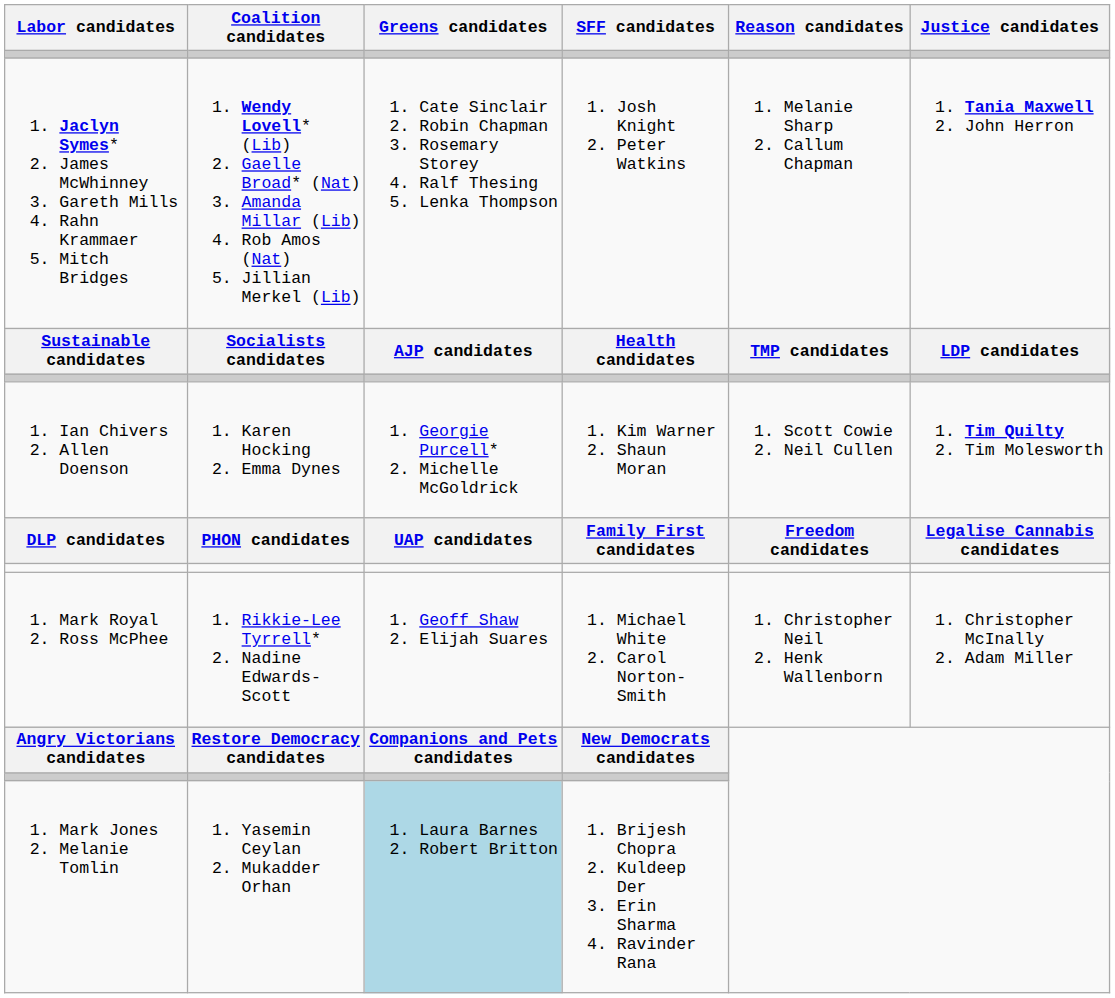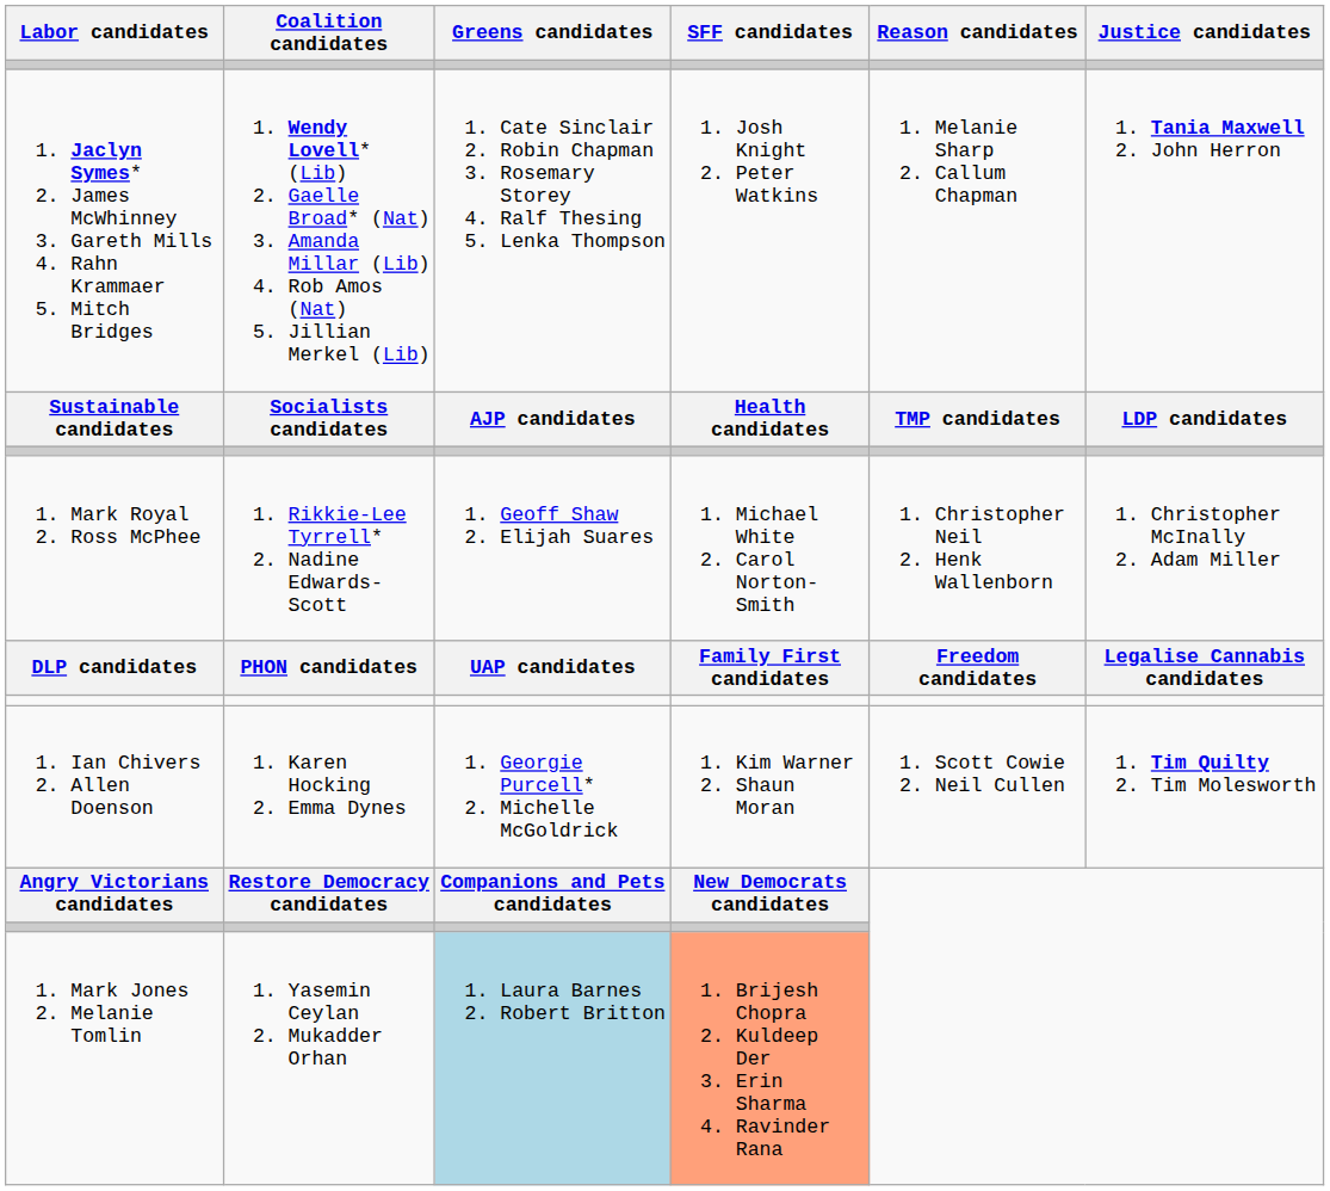 <table class="wikitable" style="max-width:90em";>
 <tr>
 <th><a href='#'>Labor</a> candidates</th>
 <th><a href='#'>Coalition</a> candidates</th>
 <th><a href='#'>Greens</a> candidates</th>
 <th><a href='#'>SFF</a> candidates</th>
 <th><a href='#'>Reason</a> candidates</th>
 <th><a href='#'>Justice</a> candidates</th>
 </tr>
 <tr style="background:#ccc;">
 <td></td>
 <td></td>
 <td></td>
 <td></td>
 <td></td>
 <td></td>
 </tr>
 <tr>
 <td><br><ol><li><strong><a href='#'>Jaclyn Symes</a></strong>*</li><li>James McWhinney</li><li>Gareth Mills</li><li>Rahn Krammaer</li><li>Mitch Bridges</li></ol></td>
 <td><br><ol><li><strong><a href='#'>Wendy Lovell</a></strong>* (<a href='#'>Lib</a>)</li><li><a href='#'>Gaelle Broad</a>* (<a href='#'>Nat</a>)</li><li><a href='#'>Amanda Millar</a> (<a href='#'>Lib</a>)</li><li>Rob Amos (<a href='#'>Nat</a>)</li><li>Jillian Merkel (<a href='#'>Lib</a>)</li></ol></td>
 <td valign=top><br><ol><li>Cate Sinclair</li><li>Robin Chapman</li><li>Rosemary Storey</li><li>Ralf Thesing</li><li>Lenka Thompson</li></ol></td>
 <td valign=top><br><ol><li>Josh Knight</li><li>Peter Watkins</li></ol></td>
 <td valign=top><br><ol><li>Melanie Sharp</li><li>Callum Chapman</li></ol></td>
 <td valign=top><br><ol><li><strong><a href='#'>Tania Maxwell</a></strong></li><li>John Herron</li></ol></td>
 </tr>
 <tr style="background:#ccc;">
 <th><a href='#'>Sustainable</a> candidates</th>
 <th><a href='#'>Socialists</a> candidates</th>
 <th><a href='#'>AJP</a> candidates</th>
 <th><a href='#'>Health</a> candidates</th>
 <th><a href='#'>TMP</a> candidates</th>
 <th><a href='#'>LDP</a> candidates</th>
 </tr>
 <tr style="background:#ccc;">
 <td></td>
 <td></td>
 <td></td>
 <td></td>
 <td></td>
 <td></td>
 </tr>
 <tr>
-<td valign=top><br><ol><li>Ian Chivers</li><li>Allen Doenson</li></ol></td>
-<td valign=top><br><ol><li>Karen Hocking</li><li>Emma Dynes</li></ol></td>
-<td><br><ol><li><a href='#'>Georgie Purcell</a>*</li><li>Michelle McGoldrick</li></ol></td>
-<td valign=top><br><ol><li>Kim Warner</li><li>Shaun Moran</li></ol></td>
-<td valign=top><br><ol><li>Scott Cowie</li><li>Neil Cullen</li></ol></td>
-<td valign=top><br><ol><li><strong><a href='#'>Tim Quilty</a></strong></li><li>Tim Molesworth</li></ol></td>
+<td valign=top><br><ol><li>Mark Royal</li><li>Ross McPhee</li></ol></td>
+<td><br><ol><li><a href='#'>Rikkie-Lee Tyrrell</a>*</li><li>Nadine Edwards-Scott</li></ol></td>
+<td valign=top><br><ol><li><a href='#'>Geoff Shaw</a></li><li>Elijah Suares</li></ol></td>
+<td valign=top><br><ol><li>Michael White</li><li>Carol Norton-Smith</li></ol></td>
+<td valign=top><br><ol><li>Christopher Neil</li><li>Henk Wallenborn</li></ol></td>
+<td valign=top><br><ol><li>Christopher McInally</li><li>Adam Miller</li></ol></td>
 </tr>
 <tr style="background:#ccc;">
 <th><a href='#'>DLP</a> candidates</th>
 <th><a href='#'>PHON</a> candidates</th>
 <th><a href='#'>UAP</a> candidates</th>
 <th><a href='#'>Family First</a> candidates</th>
 <th><a href='#'>Freedom</a> candidates</th>
 <th><a href='#'>Legalise Cannabis</a> candidates</th>
 </tr>
 <tr>
 <td></td>
 <td></td>
 <td></td>
 <td></td>
 <td></td>
 <td></td>
 </tr>
 <tr>
-<td valign=top><br><ol><li>Mark Royal</li><li>Ross McPhee</li></ol></td>
-<td><br><ol><li><a href='#'>Rikkie-Lee Tyrrell</a>*</li><li>Nadine Edwards-Scott</li></ol></td>
-<td valign=top><br><ol><li><a href='#'>Geoff Shaw</a></li><li>Elijah Suares</li></ol></td>
-<td valign=top><br><ol><li>Michael White</li><li>Carol Norton-Smith</li></ol></td>
-<td valign=top><br><ol><li>Christopher Neil</li><li>Henk Wallenborn</li></ol></td>
-<td valign=top><br><ol><li>Christopher McInally</li><li>Adam Miller</li></ol></td>
+<td valign=top><br><ol><li>Ian Chivers</li><li>Allen Doenson</li></ol></td>
+<td valign=top><br><ol><li>Karen Hocking</li><li>Emma Dynes</li></ol></td>
+<td><br><ol><li><a href='#'>Georgie Purcell</a>*</li><li>Michelle McGoldrick</li></ol></td>
+<td valign=top><br><ol><li>Kim Warner</li><li>Shaun Moran</li></ol></td>
+<td valign=top><br><ol><li>Scott Cowie</li><li>Neil Cullen</li></ol></td>
+<td valign=top><br><ol><li><strong><a href='#'>Tim Quilty</a></strong></li><li>Tim Molesworth</li></ol></td>
 </tr>
 <tr style="background:#ccc;">
 <th><a href='#'>Angry Victorians</a> candidates</th>
 <th><a href='#'>Restore Democracy</a> candidates</th>
 <th><a href='#'>Companions and Pets</a> candidates</th>
 <th><a href='#'>New Democrats</a> candidates</th>
 </tr>
 <tr style=background:#ccc>
 <td></td>
 <td></td>
 <td></td>
 <td></td>
 </tr>
 <tr>
 <td valign=top><br><ol><li>Mark Jones</li><li>Melanie Tomlin</li></ol></td>
 <td valign=top><br><ol><li>Yasemin Ceylan</li><li>Mukadder Orhan</li></ol></td>
 <td valign=top style="background: lightblue;"><br><ol><li>Laura Barnes</li><li>Robert Britton</li></ol></td>
-<td valign=top><br><ol><li>Brijesh Chopra</li><li>Kuldeep Der</li><li>Erin Sharma</li><li>Ravinder Rana</li></ol></td>
+<td valign=top style="background: lightsalmon;"><br><ol><li>Brijesh Chopra</li><li>Kuldeep Der</li><li>Erin Sharma</li><li>Ravinder Rana</li></ol></td>
 </tr>
 </table>
